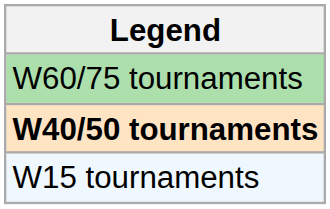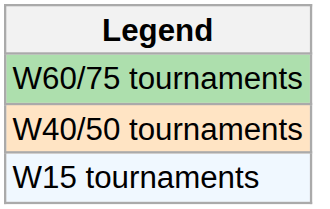 <table class=wikitable style=font-size:85%;>
 <tr>
 <th>Legend</th>
 </tr>
 <tr style="background:#addfad;">
 <td>W60/75 tournaments</td>
 </tr>
 <tr style="background:#ffe4c4;">
-<td><strong>W40/50 tournaments</strong></td>
+<td>W40/50 tournaments</td>
 </tr>
 <tr style="background:#f0f8ff;">
 <td>W15 tournaments</td>
 </tr>
 </table>
